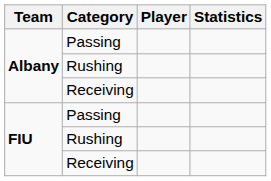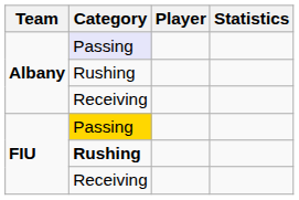 <table class="wikitable" style="float: right;">
 <tr>
 <th>Team</th>
 <th>Category</th>
 <th>Player</th>
 <th>Statistics</th>
 </tr>
 <tr>
 <td rowspan=3><strong>Albany</strong></td>
-<td>Passing</td>
+<td style="background: lavender;">Passing</td>
 <td></td>
 <td></td>
 </tr>
 <tr>
 <td>Rushing</td>
 <td></td>
 <td></td>
 </tr>
 <tr>
 <td>Receiving</td>
 <td></td>
 <td></td>
 </tr>
 <tr>
 <td rowspan=3><strong>FIU</strong></td>
-<td>Passing</td>
+<td style="background: gold;">Passing</td>
 <td></td>
 <td></td>
 </tr>
 <tr>
-<td>Rushing</td>
+<td><strong>Rushing</strong></td>
 <td></td>
 <td></td>
 </tr>
 <tr>
 <td>Receiving</td>
 <td></td>
 <td></td>
 </tr>
 </table>
